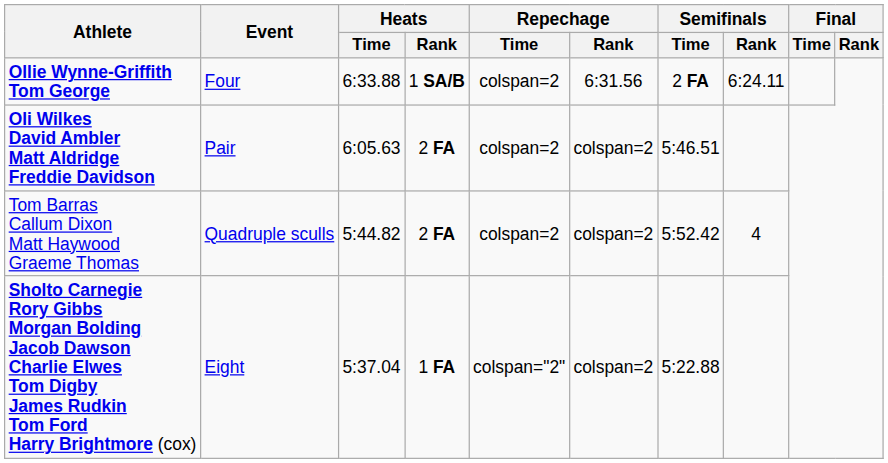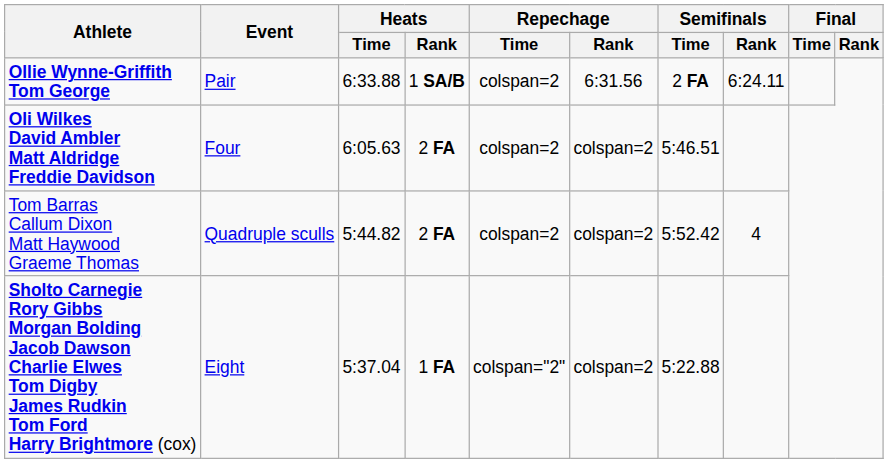 <table class=wikitable style=font-size:90%;text-align:center>
 <tr>
 <th rowspan=2>Athlete</th>
 <th rowspan=2>Event</th>
 <th colspan=2>Heats</th>
 <th colspan=2>Repechage</th>
 <th colspan=2>Semifinals</th>
 <th colspan=2>Final</th>
 </tr>
 <tr style=font-size:95%>
 <th>Time</th>
 <th>Rank</th>
 <th>Time</th>
 <th>Rank</th>
 <th>Time</th>
 <th>Rank</th>
 <th>Time</th>
 <th>Rank</th>
 </tr>
 <tr>
 <td align=left><strong><a href='#'>Ollie Wynne-Griffith</a> <br><a href='#'>Tom George</a></strong></td>
-<td align=left><a href='#'>Four</a></td>
+<td align=left><a href='#'>Pair</a></td>
 <td>6:33.88</td>
 <td>1 <strong>SA/B</strong></td>
 <td>colspan=2 </td>
 <td>6:31.56</td>
 <td>2 <strong>FA</strong></td>
 <td>6:24.11</td>
 <td></td>
 </tr>
 <tr>
 <td align=left><strong><a href='#'>Oli Wilkes</a></strong><br><strong><a href='#'>David Ambler</a></strong><br><strong><a href='#'>Matt Aldridge</a></strong><br><strong><a href='#'>Freddie Davidson</a></strong></td>
-<td align=left><a href='#'>Pair</a></td>
+<td align=left><a href='#'>Four</a></td>
 <td>6:05.63</td>
 <td>2 <strong>FA</strong></td>
 <td>colspan=2 </td>
 <td>colspan=2 </td>
 <td>5:46.51</td>
 <td></td>
 </tr>
 <tr>
 <td align=left><a href='#'>Tom Barras</a><br><a href='#'>Callum Dixon</a><br><a href='#'>Matt Haywood</a><br><a href='#'>Graeme Thomas</a></td>
 <td align=left><a href='#'>Quadruple sculls</a></td>
 <td>5:44.82</td>
 <td>2 <strong>FA</strong></td>
 <td>colspan=2 </td>
 <td>colspan=2 </td>
 <td>5:52.42</td>
 <td>4</td>
 </tr>
 <tr>
 <td align=left><strong><a href='#'>Sholto Carnegie</a></strong><br><strong><a href='#'>Rory Gibbs</a></strong><br><strong><a href='#'>Morgan Bolding</a></strong><br><strong><a href='#'>Jacob Dawson</a></strong><br><strong><a href='#'>Charlie Elwes</a></strong><br><strong><a href='#'>Tom Digby</a></strong><br><strong><a href='#'>James Rudkin</a></strong><br><strong><a href='#'>Tom Ford</a></strong><br><strong><a href='#'>Harry Brightmore</a></strong> (cox)</td>
 <td align=left><a href='#'>Eight</a></td>
 <td>5:37.04</td>
 <td>1 <strong>FA</strong></td>
 <td>colspan="2" </td>
 <td>colspan=2 </td>
 <td>5:22.88</td>
 <td></td>
 </tr>
 </table>
